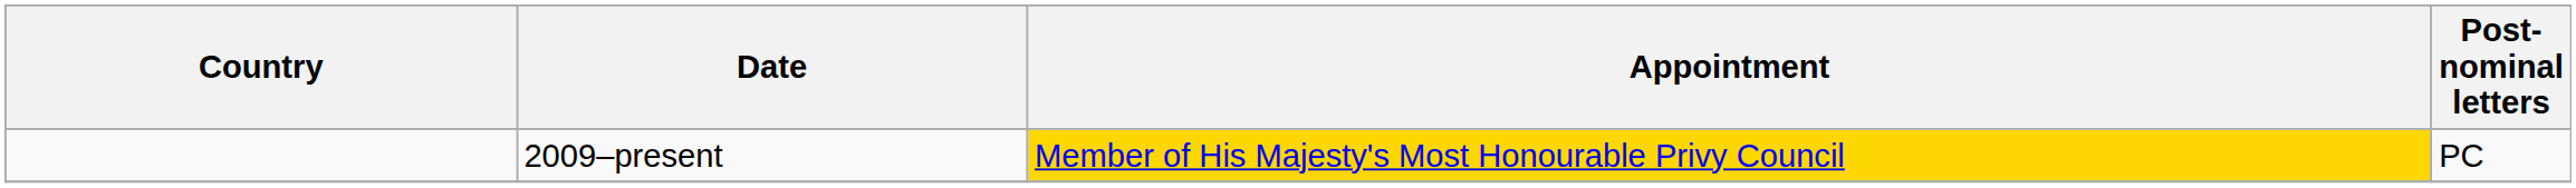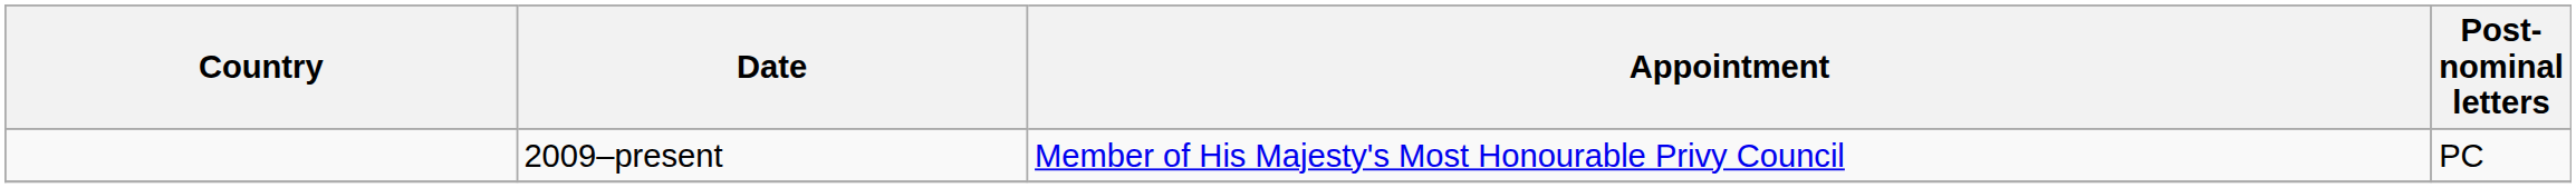 <table class="wikitable" style="width:100%;">
 <tr>
 <th style="width:20%;">Country</th>
 <th style="width:20%;">Date</th>
 <th style="width:55%;">Appointment</th>
 <th style="width:5%;">Post-nominal letters</th>
 </tr>
 <tr>
 <td></td>
 <td>2009–present</td>
-<td style="background: gold;"><a href='#'>Member of His Majesty's Most Honourable Privy Council</a></td>
+<td><a href='#'>Member of His Majesty's Most Honourable Privy Council</a></td>
 <td>PC</td>
 </tr>
 <tr>
 </tr>
 </table>
